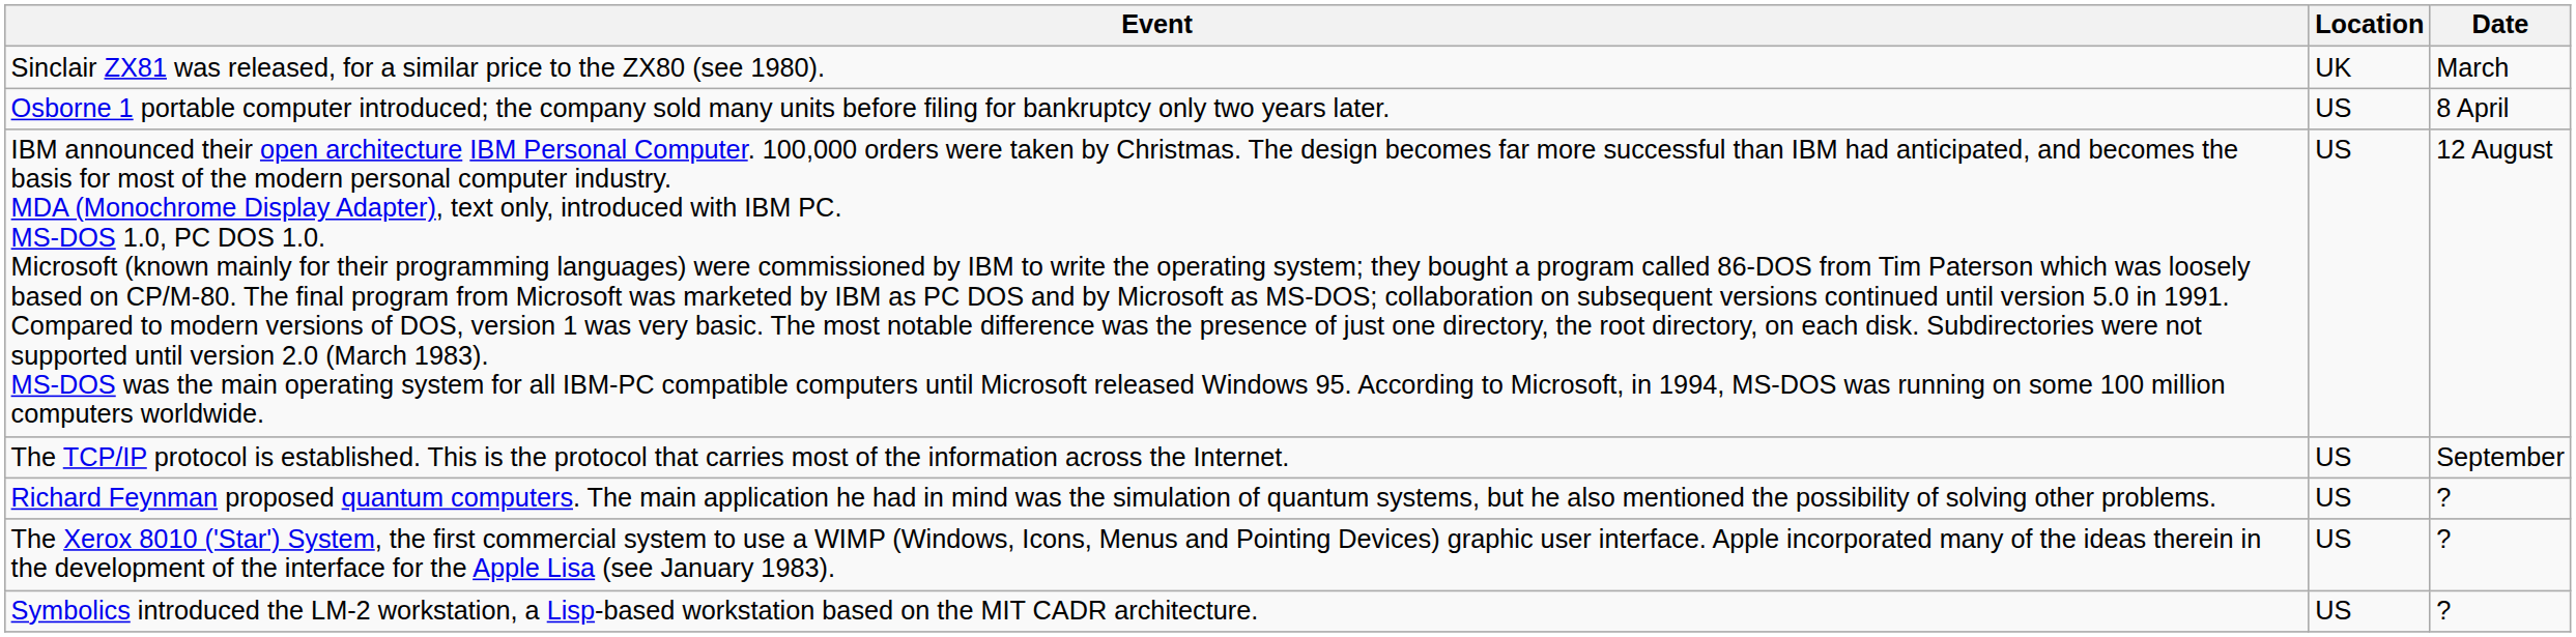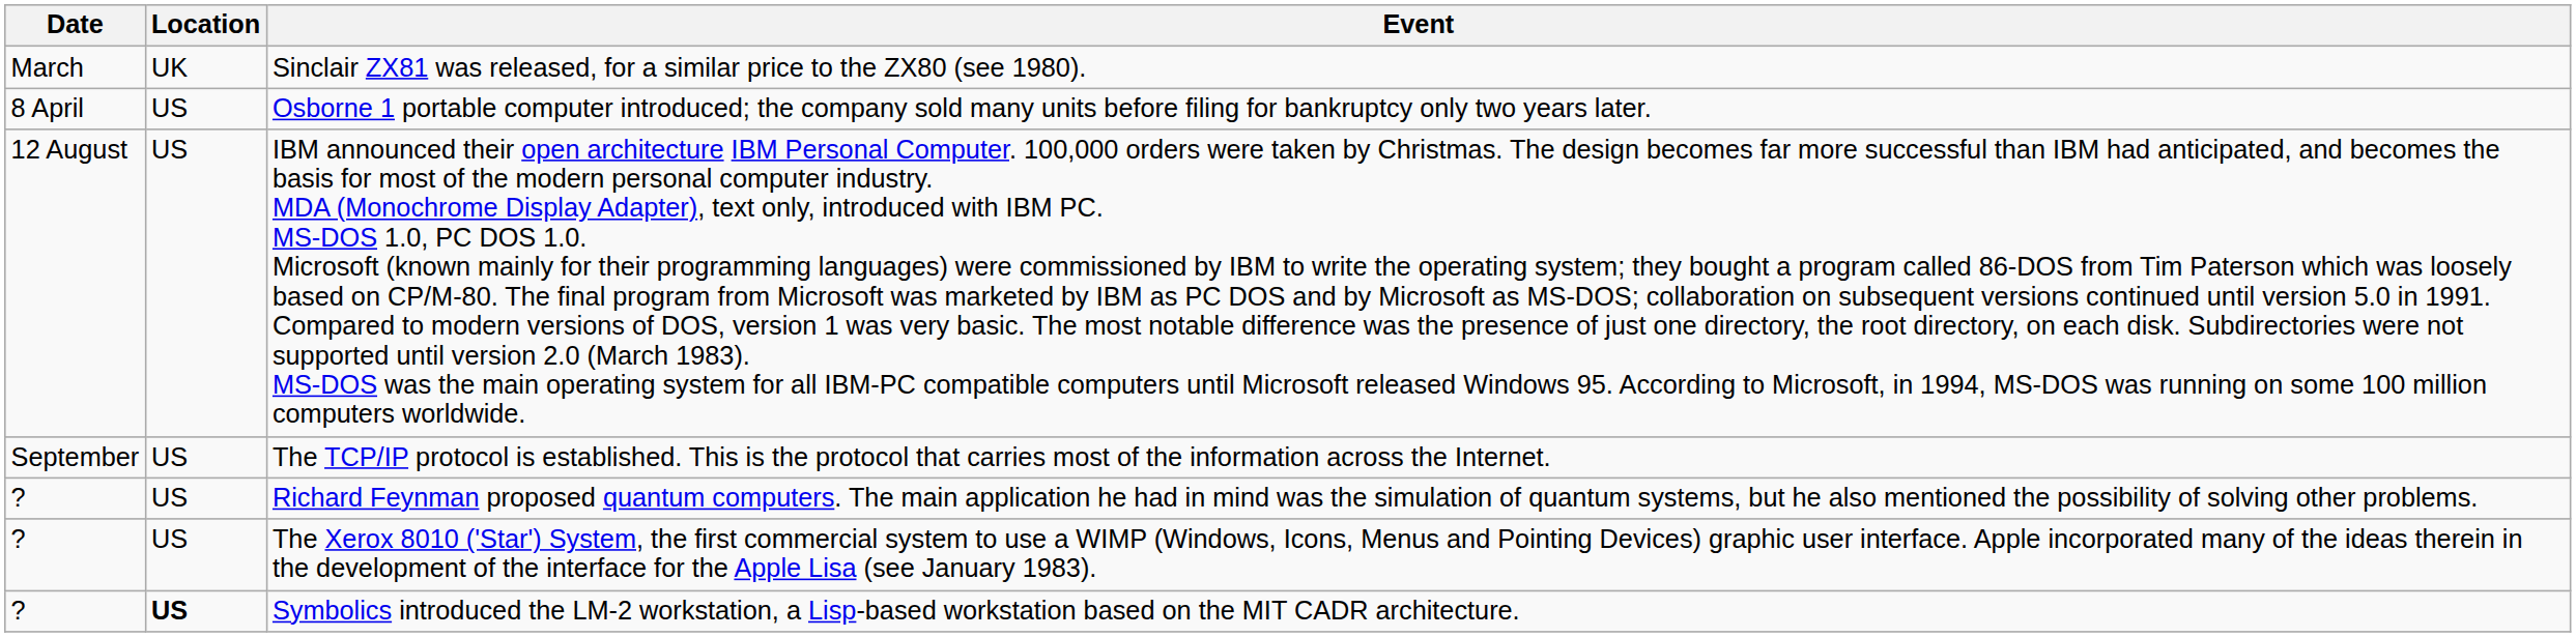 <table class="wikitable sortable">
 <tr>
+<th>Date</th>
+<th>Location</th>
 <th class="unsortable">Event</th>
-<th>Location</th>
-<th>Date</th>
 </tr>
 <tr valign="top">
+<td>March</td>
+<td>UK</td>
 <td>Sinclair <a href='#'>ZX81</a> was released, for a similar price to the ZX80 (see 1980).</td>
-<td>UK</td>
-<td>March</td>
 </tr>
 <tr valign="top">
+<td>8 April</td>
+<td>US</td>
 <td><a href='#'>Osborne 1</a> portable computer introduced; the company sold many units before filing for bankruptcy only two years later.</td>
-<td>US</td>
-<td>8 April</td>
 </tr>
 <tr valign="top">
+<td>12 August</td>
+<td>US</td>
 <td>IBM announced their <a href='#'>open architecture</a> <a href='#'>IBM Personal Computer</a>.  100,000 orders were taken by Christmas. The design becomes far more successful than IBM had anticipated, and becomes the basis for most of the modern personal computer industry.<br><a href='#'>MDA (Monochrome Display Adapter)</a>, text only, introduced with IBM PC.<br><a href='#'>MS-DOS</a> 1.0, PC DOS 1.0.<br>Microsoft (known mainly for their programming languages) were commissioned by IBM to write the operating system; they bought a program called 86-DOS from Tim Paterson which was loosely based on CP/M-80. The final program from Microsoft was marketed by IBM as PC DOS and by Microsoft as MS-DOS; collaboration on subsequent versions continued until version 5.0 in 1991.<br>Compared to modern versions of DOS, version 1 was very basic. The most notable difference was the presence of just one directory, the root directory, on each disk. Subdirectories were not supported until version 2.0 (March 1983).<br><a href='#'>MS-DOS</a> was the main operating system for all IBM-PC compatible computers until Microsoft released Windows 95. According to Microsoft, in 1994, MS-DOS was running on some 100 million computers worldwide.</td>
-<td>US</td>
-<td>12 August</td>
 </tr>
 <tr valign="top">
+<td>September</td>
+<td>US</td>
 <td>The <a href='#'>TCP/IP</a> protocol is established. This is the protocol that carries most of the information across the Internet.</td>
-<td>US</td>
-<td>September</td>
 </tr>
 <tr valign="top">
+<td>?</td>
+<td>US</td>
 <td><a href='#'>Richard Feynman</a> proposed <a href='#'>quantum computers</a>. The main application he had in mind was the simulation of quantum systems, but he also mentioned the possibility of solving other problems.</td>
-<td>US</td>
-<td>?</td>
 </tr>
 <tr valign="top">
+<td>?</td>
+<td>US</td>
 <td>The <a href='#'>Xerox 8010 ('Star') System</a>, the first commercial system to use a WIMP (Windows, Icons, Menus and Pointing Devices) graphic user interface. Apple incorporated many of the ideas therein in the development of the interface for the <a href='#'>Apple Lisa</a> (see January 1983).</td>
-<td>US</td>
-<td>?</td>
 </tr>
 <tr valign="top">
+<td>?</td>
+<td><strong>US</strong></td>
 <td><a href='#'>Symbolics</a> introduced the LM-2 workstation, a <a href='#'>Lisp</a>-based workstation based on the MIT CADR architecture.</td>
-<td>US</td>
-<td>?</td>
 </tr>
 </table>
